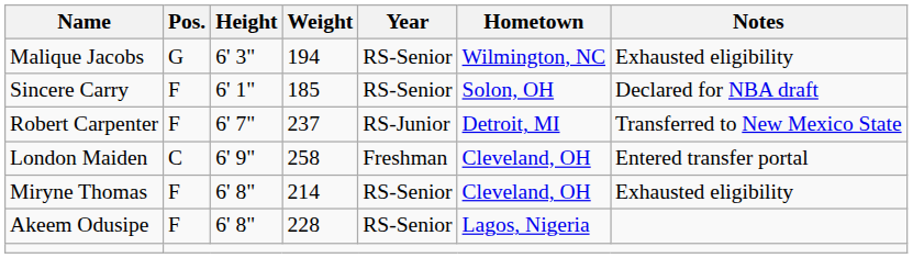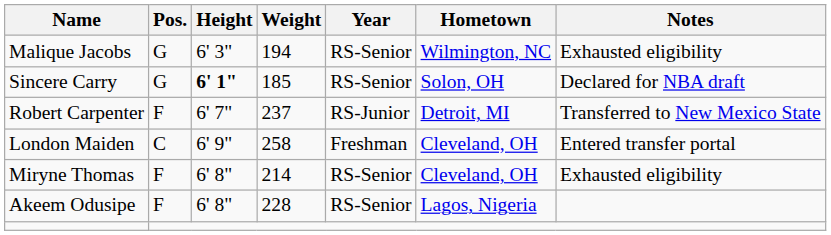 <table class="wikitable sortable" border="1">
 <tr align=center>
 <th>Name</th>
 <th>Pos.</th>
 <th>Height</th>
 <th>Weight</th>
 <th>Year</th>
 <th>Hometown</th>
 <th>Notes</th>
 </tr>
 <tr>
 <td>Malique Jacobs</td>
 <td>G</td>
 <td>6' 3"</td>
 <td>194</td>
 <td>RS-Senior</td>
 <td><a href='#'>Wilmington, NC</a></td>
 <td>Exhausted eligibility</td>
 </tr>
 <tr>
 <td>Sincere Carry</td>
-<td>F</td>
-<td>6' 1"</td>
+<td>G</td>
+<td><strong>6' 1"</strong></td>
 <td>185</td>
 <td>RS-Senior</td>
 <td><a href='#'>Solon, OH</a></td>
 <td>Declared for <a href='#'>NBA draft</a></td>
 </tr>
 <tr>
 <td>Robert Carpenter</td>
 <td>F</td>
 <td>6' 7"</td>
 <td>237</td>
 <td>RS-Junior</td>
 <td><a href='#'>Detroit, MI</a></td>
 <td>Transferred to <a href='#'>New Mexico State</a></td>
 </tr>
 <tr>
 <td>London Maiden</td>
 <td>C</td>
 <td>6' 9"</td>
 <td>258</td>
 <td>Freshman</td>
 <td><a href='#'>Cleveland, OH</a></td>
 <td>Entered transfer portal</td>
 </tr>
 <tr>
 <td>Miryne Thomas</td>
 <td>F</td>
 <td>6' 8"</td>
 <td>214</td>
 <td>RS-Senior</td>
 <td><a href='#'>Cleveland, OH</a></td>
 <td>Exhausted eligibility</td>
 </tr>
 <tr>
 <td>Akeem Odusipe</td>
 <td>F</td>
 <td>6' 8"</td>
 <td>228</td>
 <td>RS-Senior</td>
 <td><a href='#'>Lagos, Nigeria</a></td>
 <td></td>
 </tr>
 <tr>
 <td></td>
 </tr>
 </table>
